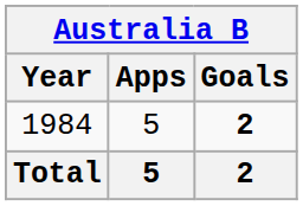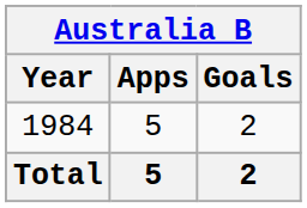 <table class="wikitable" style="text-align:center">
 <tr>
 <th colspan=3><a href='#'>Australia B</a></th>
 </tr>
 <tr>
 <th>Year</th>
 <th>Apps</th>
 <th>Goals</th>
 </tr>
 <tr>
 <td>1984</td>
 <td>5</td>
-<td><strong>2</strong></td>
+<td>2</td>
 </tr>
 <tr>
 <th>Total</th>
 <th>5</th>
 <th>2</th>
 </tr>
 </table>
